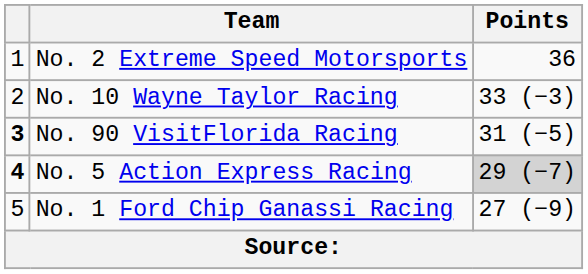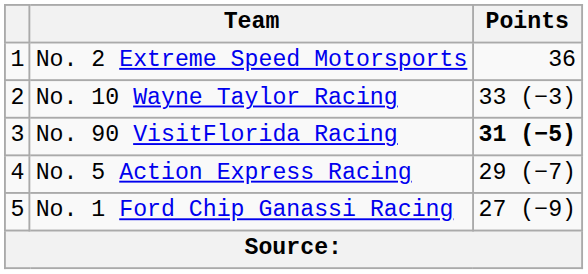 <table class="wikitable" style="font-size: 95%;">
 <tr>
 <th scope="col"></th>
 <th scope="col">Team</th>
 <th scope="col">Points</th>
 </tr>
 <tr>
 <td align=center>1</td>
 <td> No. 2 <a href='#'>Extreme Speed Motorsports</a></td>
 <td align=right>36</td>
 </tr>
 <tr>
 <td align=center>2</td>
 <td> No. 10 <a href='#'>Wayne Taylor Racing</a></td>
 <td align=right>33 (−3)</td>
 </tr>
 <tr>
-<td align=center><strong>3</strong></td>
+<td align=center>3</td>
 <td> No. 90 <a href='#'>VisitFlorida Racing</a></td>
-<td align=right>31 (−5)</td>
+<td align=right><strong>31 (−5)</strong></td>
 </tr>
 <tr>
-<td align=center><strong>4</strong></td>
+<td align=center>4</td>
 <td> No. 5 <a href='#'>Action Express Racing</a></td>
-<td align=right style="background: lightgrey;">29 (−7)</td>
+<td align=right>29 (−7)</td>
 </tr>
 <tr>
 <td align=center>5</td>
 <td> No. 1 <a href='#'>Ford Chip Ganassi Racing</a></td>
 <td align=right>27 (−9)</td>
 </tr>
 <tr>
 <th colspan=4>Source:</th>
 </tr>
 </table>
